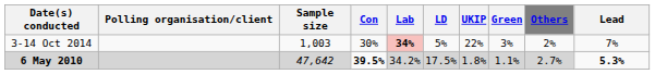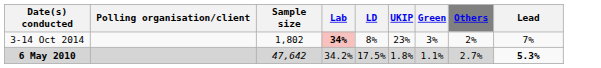 <table class="wikitable sortable" style="text-align:center;font-size:90%;line-height:14px">
 <tr>
 <th ! style="width:100px;">Date(s)<br>conducted</th>
 <th style="width:200px;">Polling organisation/client</th>
 <th class="unsortable" style="width:75px;">Sample size</th>
-<th class="unsortable" style="background:"><a href='#'><span>Con</span></a></th>
 <th class="unsortable" style="background:"><a href='#'><span>Lab</span></a></th>
 <th class="unsortable" style="background:"><a href='#'><span>LD</span></a></th>
 <th class="unsortable" style="background:"><a href='#'><span>UKIP</span></a></th>
 <th class="unsortable" style="background:"><a href='#'><span>Green</span></a></th>
 <th class="unsortable" style="background:gray; width:50px;"><a href='#'><span>Others</span></a></th>
 <th class="unsortable" style="width:80px;">Lead</th>
 </tr>
 <tr>
 <td>3-14 Oct 2014</td>
 <td> </td>
-<td>1,003</td>
-<td>30%</td>
+<td>1,802</td>
 <td style="background:#F8C1BE"><strong>34%</strong></td>
-<td>5%</td>
-<td>22%</td>
+<td>8%</td>
+<td>23%</td>
 <td>3%</td>
 <td>2%</td>
 <td style="background:">7%</td>
 </tr>
 <tr>
 <td style="background:#D5D5D5"><strong>6 May 2010</strong></td>
 <td style="background:#D5D5D5"></td>
 <td style="background:#D5D5D5"><em>47,642</em></td>
-<td style="background:"><strong>39.5%</strong></td>
 <td style="background:#D5D5D5">34.2%</td>
 <td style="background:#D5D5D5">17.5%</td>
 <td style="background:#D5D5D5">1.8%</td>
 <td style="background:#D5D5D5">1.1%</td>
 <td style="background:#D5D5D5">2.7%</td>
 <td style="background:"><strong>5.3% </strong></td>
 </tr>
 </table>
